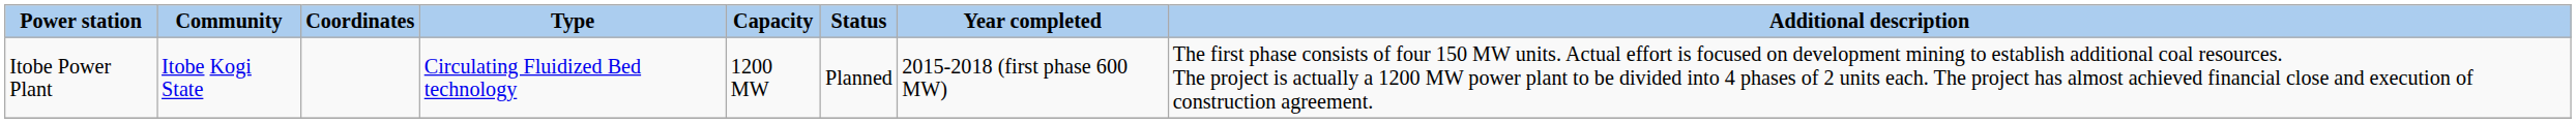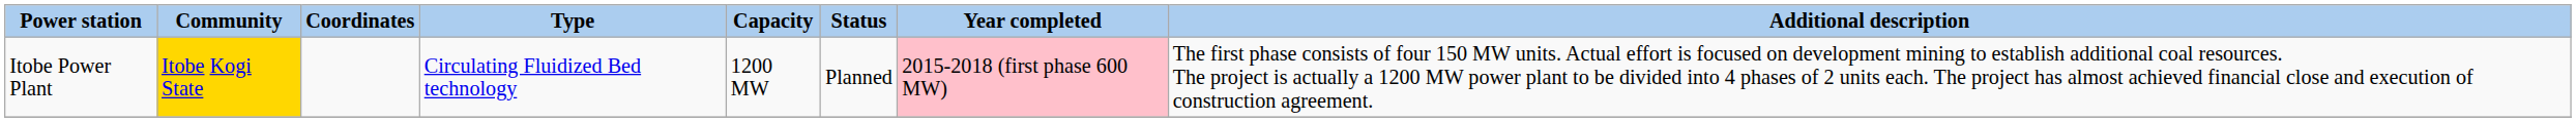 <table class="wikitable sortable">
 <tr>
 <th style="background-color:#ABCDEF;">Power station</th>
 <th style="background-color:#ABCDEF;" class="unsortable">Community</th>
 <th style="background-color:#ABCDEF;" class="unsortable">Coordinates</th>
 <th style="background-color:#ABCDEF;">Type</th>
 <th style="background-color:#ABCDEF;" data-sort-type="number">Capacity</th>
 <th style="background-color:#ABCDEF;">Status</th>
 <th style="background-color:#ABCDEF;">Year completed</th>
 <th style="background-color:#ABCDEF;" class="unsortable">Additional description</th>
 </tr>
 <tr>
 <td>Itobe Power Plant</td>
-<td><a href='#'>Itobe</a> <a href='#'>Kogi State</a></td>
+<td style="background: gold;"><a href='#'>Itobe</a> <a href='#'>Kogi State</a></td>
 <td></td>
 <td><a href='#'>Circulating Fluidized Bed technology</a></td>
 <td>1200 MW</td>
 <td>Planned</td>
-<td>2015-2018 (first phase 600 MW)</td>
+<td style="background: pink;">2015-2018 (first phase 600 MW)</td>
 <td>The first phase consists of four 150 MW units. Actual effort is focused on development mining to establish additional coal resources.<br>The project is actually a 1200 MW power plant to be divided into 4 phases of 2 units each. The project has almost achieved financial close and execution of construction agreement.</td>
 </tr>
 <tr>
 </tr>
 </table>
